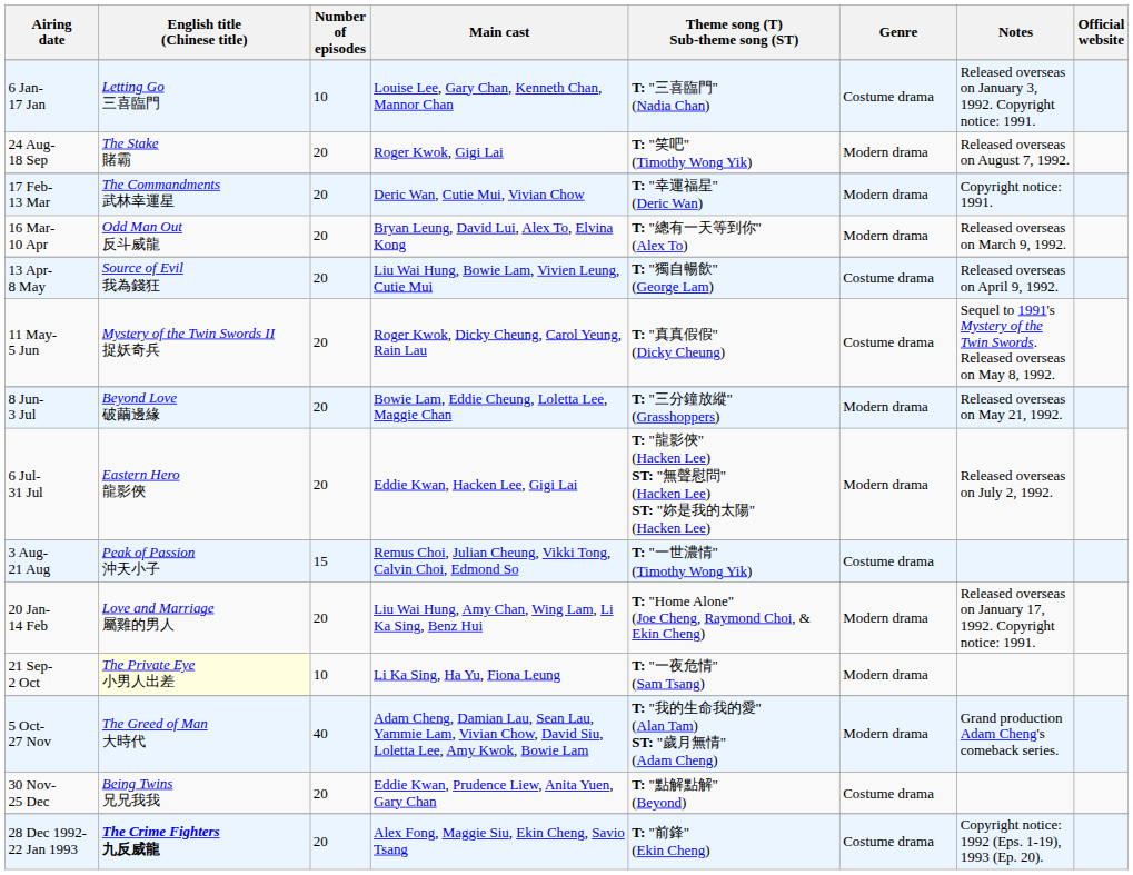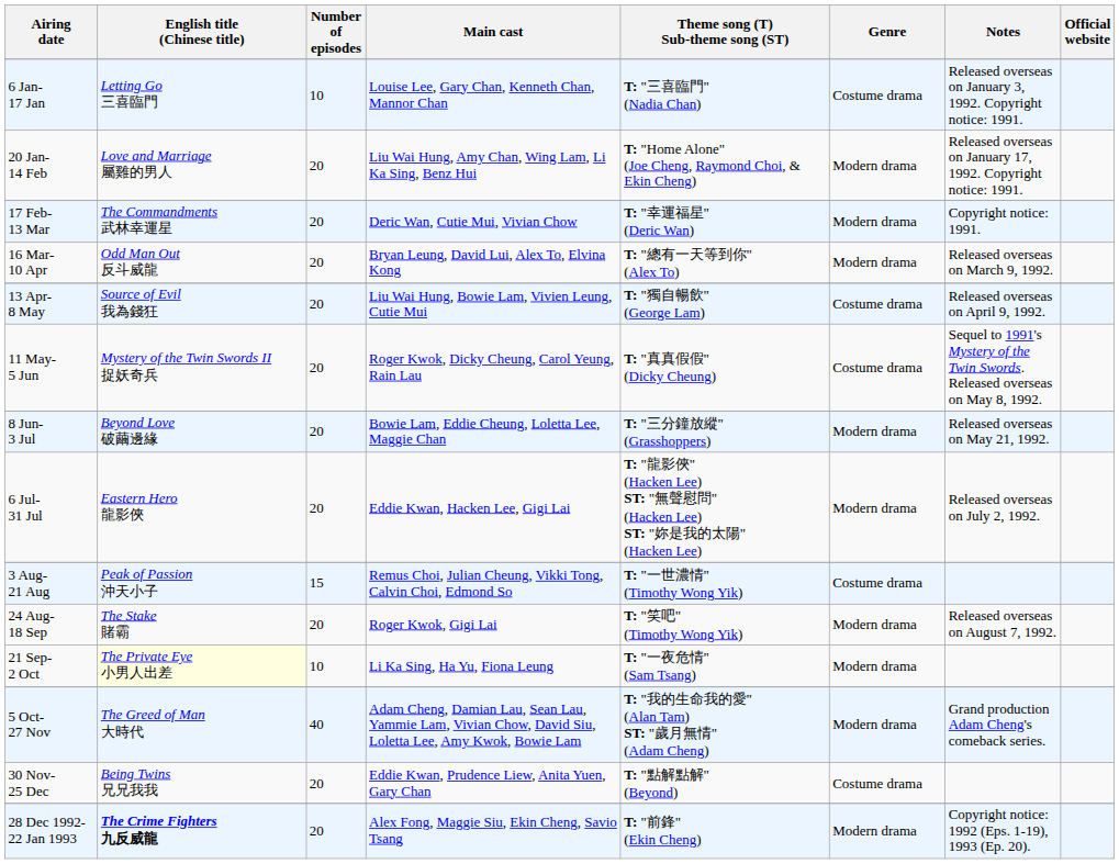 <table class="wikitable">
 <tr>
 <th align=center width=8% bgcolor="silver">Airing<br>date</th>
 <th align=center width=18% bgcolor="silver">English title <br> (Chinese title)</th>
 <th align=center width=5% bgcolor="silver">Number of episodes</th>
 <th align=center width=22% bgcolor="silver">Main cast</th>
 <th align=center width=18% bgcolor="silver">Theme song (T) <br>Sub-theme song (ST)</th>
 <th align=center width=10% bgcolor="silver">Genre</th>
 <th align=center width=10% bgcolor="silver">Notes</th>
 <th align=center width=1% bgcolor="silver">Official website</th>
 </tr>
 <tr>
 </tr>
 <tr ---- bgcolor="#ebf5ff">
 <td>6 Jan- <br> 17 Jan</td>
 <td><em><a href='#'>Letting Go</a></em> <br> 三喜臨門</td>
 <td>10</td>
 <td><a href='#'>Louise Lee</a>, <a href='#'>Gary Chan</a>, <a href='#'>Kenneth Chan</a>, <a href='#'>Mannor Chan</a></td>
 <td><strong>T:</strong> "三喜臨門" <br> (<a href='#'>Nadia Chan</a>)</td>
 <td>Costume drama</td>
 <td>Released overseas on January 3, 1992. Copyright notice: 1991.</td>
 <td></td>
 </tr>
 <tr>
-<td>24 Aug- <br> 18 Sep</td>
-<td><em><a href='#'>The Stake</a></em> <br> 賭霸</td>
+<td>20 Jan- <br> 14 Feb</td>
+<td><em><a href='#'>Love and Marriage</a></em> <br> 屬雞的男人</td>
 <td>20</td>
-<td><a href='#'>Roger Kwok</a>, <a href='#'>Gigi Lai</a></td>
-<td><strong>T:</strong> "笑吧" <br> (<a href='#'>Timothy Wong Yik</a>)</td>
+<td><a href='#'>Liu Wai Hung</a>, <a href='#'>Amy Chan</a>, <a href='#'>Wing Lam</a>, <a href='#'>Li Ka Sing</a>, <a href='#'>Benz Hui</a></td>
+<td><strong>T:</strong> "Home Alone" <br> (<a href='#'>Joe Cheng</a>, <a href='#'>Raymond Choi</a>, & <a href='#'>Ekin Cheng</a>)</td>
 <td>Modern drama</td>
-<td>Released overseas on August 7, 1992.</td>
+<td>Released overseas on January 17, 1992. Copyright notice: 1991.</td>
 <td></td>
 </tr>
 <tr>
 </tr>
 <tr ---- bgcolor="#ebf5ff">
 <td>17 Feb- <br> 13 Mar</td>
 <td><em><a href='#'>The Commandments</a></em> <br> 武林幸運星</td>
 <td>20</td>
 <td><a href='#'>Deric Wan</a>, <a href='#'>Cutie Mui</a>, <a href='#'>Vivian Chow</a></td>
 <td><strong>T:</strong> "幸運福星" <br> (<a href='#'>Deric Wan</a>)</td>
 <td>Modern drama</td>
 <td>Copyright notice: 1991.</td>
 <td></td>
 </tr>
 <tr>
 <td>16 Mar- <br> 10 Apr</td>
 <td><em><a href='#'>Odd Man Out</a></em> <br> 反斗威龍</td>
 <td>20</td>
 <td><a href='#'>Bryan Leung</a>, <a href='#'>David Lui</a>, <a href='#'>Alex To</a>, <a href='#'>Elvina Kong</a></td>
 <td><strong>T:</strong> "總有一天等到你" <br> (<a href='#'>Alex To</a>)</td>
 <td>Modern drama</td>
 <td>Released overseas on March 9, 1992.</td>
 <td></td>
 </tr>
 <tr>
 </tr>
 <tr ---- bgcolor="#ebf5ff">
 <td>13 Apr- <br> 8 May</td>
 <td><em><a href='#'>Source of Evil</a></em> <br> 我為錢狂</td>
 <td>20</td>
 <td><a href='#'>Liu Wai Hung</a>, <a href='#'>Bowie Lam</a>, <a href='#'>Vivien Leung</a>, <a href='#'>Cutie Mui</a></td>
 <td><strong>T:</strong> "獨自暢飲" <br> (<a href='#'>George Lam</a>)</td>
 <td>Costume drama</td>
 <td>Released overseas on April 9, 1992.</td>
 <td></td>
 </tr>
 <tr>
 <td>11 May- <br> 5 Jun</td>
 <td><em><a href='#'>Mystery of the Twin Swords II</a></em> <br> 捉妖奇兵</td>
 <td>20</td>
 <td><a href='#'>Roger Kwok</a>, <a href='#'>Dicky Cheung</a>, <a href='#'>Carol Yeung</a>, <a href='#'>Rain Lau</a></td>
 <td><strong>T:</strong> "真真假假" <br> (<a href='#'>Dicky Cheung</a>)</td>
 <td>Costume drama</td>
 <td>Sequel to <a href='#'>1991</a>'s <em><a href='#'>Mystery of the Twin Swords</a></em>. Released overseas on May 8, 1992.</td>
 <td></td>
 </tr>
 <tr>
 </tr>
 <tr ---- bgcolor="#ebf5ff">
 <td>8 Jun- <br> 3 Jul</td>
 <td><em><a href='#'>Beyond Love</a></em> <br> 破繭邊緣</td>
 <td>20</td>
 <td><a href='#'>Bowie Lam</a>, <a href='#'>Eddie Cheung</a>, <a href='#'>Loletta Lee</a>, <a href='#'>Maggie Chan</a></td>
 <td><strong>T:</strong> "三分鐘放縱" <br> (<a href='#'>Grasshoppers</a>)</td>
 <td>Modern drama</td>
 <td>Released overseas on May 21, 1992.</td>
 <td></td>
 </tr>
 <tr>
 <td>6 Jul- <br> 31 Jul</td>
 <td><em><a href='#'>Eastern Hero</a></em> <br> 龍影俠</td>
 <td>20</td>
 <td><a href='#'>Eddie Kwan</a>, <a href='#'>Hacken Lee</a>, <a href='#'>Gigi Lai</a></td>
 <td><strong>T:</strong> "龍影俠" <br> (<a href='#'>Hacken Lee</a>)<br><strong>ST:</strong> "無聲慰問" <br> (<a href='#'>Hacken Lee</a>) <br><strong>ST:</strong> "妳是我的太陽" <br> (<a href='#'>Hacken Lee</a>)</td>
 <td>Modern drama</td>
 <td>Released overseas on July 2, 1992.</td>
 <td></td>
 </tr>
 <tr>
 </tr>
 <tr ---- bgcolor="#ebf5ff">
 <td>3 Aug- <br> 21 Aug</td>
 <td><em><a href='#'>Peak of Passion</a></em> <br> 沖天小子</td>
 <td>15</td>
 <td><a href='#'>Remus Choi</a>, <a href='#'>Julian Cheung</a>, <a href='#'>Vikki Tong</a>, <a href='#'>Calvin Choi</a>, <a href='#'>Edmond So</a></td>
 <td><strong>T:</strong> "一世濃情" <br> (<a href='#'>Timothy Wong Yik</a>)</td>
 <td>Costume drama</td>
 <td></td>
 <td></td>
 </tr>
 <tr>
-<td>20 Jan- <br> 14 Feb</td>
-<td><em><a href='#'>Love and Marriage</a></em> <br> 屬雞的男人</td>
+<td>24 Aug- <br> 18 Sep</td>
+<td><em><a href='#'>The Stake</a></em> <br> 賭霸</td>
 <td>20</td>
-<td><a href='#'>Liu Wai Hung</a>, <a href='#'>Amy Chan</a>, <a href='#'>Wing Lam</a>, <a href='#'>Li Ka Sing</a>, <a href='#'>Benz Hui</a></td>
-<td><strong>T:</strong> "Home Alone" <br> (<a href='#'>Joe Cheng</a>, <a href='#'>Raymond Choi</a>, & <a href='#'>Ekin Cheng</a>)</td>
+<td><a href='#'>Roger Kwok</a>, <a href='#'>Gigi Lai</a></td>
+<td><strong>T:</strong> "笑吧" <br> (<a href='#'>Timothy Wong Yik</a>)</td>
 <td>Modern drama</td>
-<td>Released overseas on January 17, 1992. Copyright notice: 1991.</td>
+<td>Released overseas on August 7, 1992.</td>
 <td></td>
 </tr>
 <tr>
 <td>21 Sep- <br> 2 Oct</td>
 <td style="background: lightyellow;"><em><a href='#'>The Private Eye</a></em> <br> 小男人出差</td>
 <td>10</td>
 <td><a href='#'>Li Ka Sing</a>, <a href='#'>Ha Yu</a>, <a href='#'>Fiona Leung</a></td>
 <td><strong>T:</strong> "一夜危情" <br> (<a href='#'>Sam Tsang</a>)</td>
 <td>Modern drama</td>
 <td></td>
 <td></td>
 </tr>
 <tr>
 </tr>
 <tr ---- bgcolor="#ebf5ff">
 <td>5 Oct- <br> 27 Nov</td>
 <td><em><a href='#'>The Greed of Man</a></em> <br> 大時代</td>
 <td>40</td>
 <td><a href='#'>Adam Cheng</a>, <a href='#'>Damian Lau</a>, <a href='#'>Sean Lau</a>, <a href='#'>Yammie Lam</a>, <a href='#'>Vivian Chow</a>, <a href='#'>David Siu</a>, <a href='#'>Loletta Lee</a>, <a href='#'>Amy Kwok</a>, <a href='#'>Bowie Lam</a></td>
 <td><strong>T:</strong> "我的生命我的愛" <br> (<a href='#'>Alan Tam</a>) <br> <strong>ST:</strong> "歲月無情" <br> (<a href='#'>Adam Cheng</a>)</td>
 <td>Modern drama</td>
 <td>Grand production<br><a href='#'>Adam Cheng</a>'s comeback series.</td>
 <td></td>
 </tr>
 <tr>
 <td>30 Nov- <br> 25 Dec</td>
 <td><em><a href='#'>Being Twins</a></em> <br> 兄兄我我</td>
 <td>20</td>
 <td><a href='#'>Eddie Kwan</a>, <a href='#'>Prudence Liew</a>, <a href='#'>Anita Yuen</a>, <a href='#'>Gary Chan</a></td>
 <td><strong>T:</strong> "點解點解" <br> (<a href='#'>Beyond</a>)</td>
 <td>Costume drama</td>
 <td></td>
 <td></td>
 </tr>
 <tr>
 </tr>
 <tr ---- bgcolor="#ebf5ff">
 <td>28 Dec 1992- <br> 22 Jan 1993</td>
 <td><strong><em><a href='#'>The Crime Fighters</a></em> <br> 九反威龍</strong></td>
 <td>20</td>
 <td><a href='#'>Alex Fong</a>, <a href='#'>Maggie Siu</a>, <a href='#'>Ekin Cheng</a>, <a href='#'>Savio Tsang</a></td>
 <td><strong>T:</strong> "前鋒" <br> (<a href='#'>Ekin Cheng</a>)</td>
-<td>Costume drama</td>
+<td>Modern drama</td>
 <td>Copyright notice: 1992 (Eps. 1-19), 1993 (Ep. 20).</td>
 <td></td>
 </tr>
 </table>
